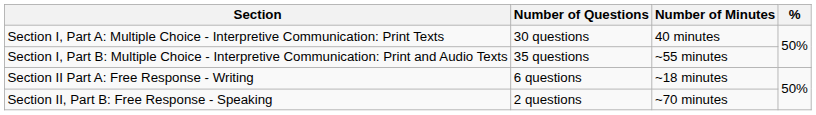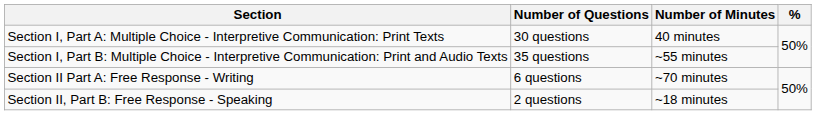 <table class="wikitable">
 <tr>
 <th>Section</th>
 <th>Number of Questions</th>
 <th>Number of Minutes</th>
 <th>%</th>
 </tr>
 <tr>
 <td>Section I, Part A: Multiple Choice - Interpretive Communication: Print Texts</td>
 <td>30 questions</td>
 <td>40 minutes</td>
 <td rowspan=2>50%</td>
 </tr>
 <tr>
 <td>Section I, Part B: Multiple Choice - Interpretive Communication: Print and Audio Texts</td>
 <td>35 questions</td>
 <td>~55 minutes</td>
 </tr>
 <tr>
 <td>Section II Part A: Free Response - Writing</td>
 <td>6 questions</td>
-<td>~18 minutes</td>
+<td>~70 minutes</td>
 <td rowspan=2>50%</td>
 </tr>
 <tr>
 <td>Section II, Part B: Free Response - Speaking</td>
 <td>2 questions</td>
-<td>~70 minutes</td>
+<td>~18 minutes</td>
 </tr>
 </table>
